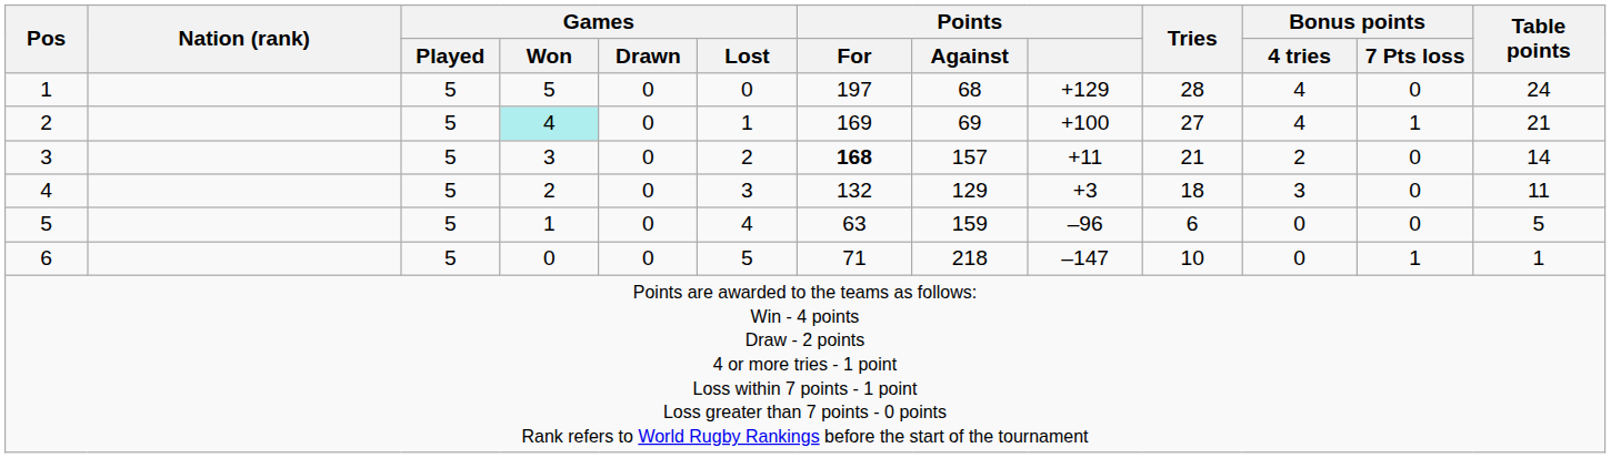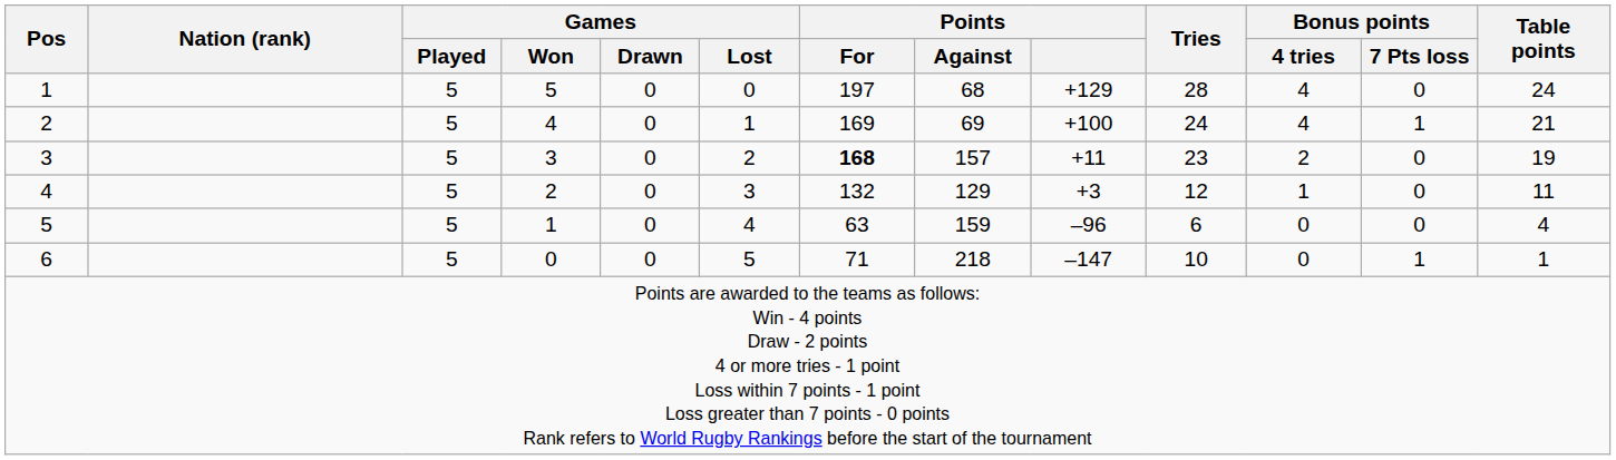 <table class="wikitable" style="text-align:center; width:95%">
 <tr>
 <th rowspan="2" style="width:5%">Pos</th>
 <th rowspan="2" style="width:19%">Nation (rank)</th>
 <th colspan="4" style="width:28%">Games</th>
 <th colspan="3" style="width:18%">Points</th>
 <th rowspan="2" style="width:6%">Tries</th>
 <th colspan="2" style="width:15%">Bonus points</th>
 <th rowspan="2" style="width:8%">Table<br>points</th>
 </tr>
 <tr>
 <th style="width:6%">Played</th>
 <th style="width:6%">Won</th>
 <th style="width:6%">Drawn</th>
 <th style="width:6%">Lost</th>
 <th style="width:7%">For</th>
 <th style="width:7%">Against</th>
 <th style="width:7%"></th>
 <th style="width:7%">4 tries</th>
 <th style="width:7%">7 Pts loss</th>
 </tr>
 <tr>
 <td>1</td>
 <td align="left"></td>
 <td>5</td>
 <td>5</td>
 <td>0</td>
 <td>0</td>
 <td>197</td>
 <td>68</td>
 <td>+129</td>
 <td>28</td>
 <td>4</td>
 <td>0</td>
 <td>24</td>
 </tr>
 <tr>
 <td>2</td>
 <td align="left"></td>
 <td>5</td>
-<td style="background: paleturquoise;">4</td>
+<td>4</td>
 <td>0</td>
 <td>1</td>
 <td>169</td>
 <td>69</td>
 <td>+100</td>
-<td>27</td>
+<td>24</td>
 <td>4</td>
 <td>1</td>
 <td>21</td>
 </tr>
 <tr>
 <td>3</td>
 <td align="left"></td>
 <td>5</td>
 <td>3</td>
 <td>0</td>
 <td>2</td>
 <td><strong>168</strong></td>
 <td>157</td>
 <td>+11</td>
-<td>21</td>
+<td>23</td>
 <td>2</td>
 <td>0</td>
-<td>14</td>
+<td>19</td>
 </tr>
 <tr>
 <td>4</td>
 <td align="left"></td>
 <td>5</td>
 <td>2</td>
 <td>0</td>
 <td>3</td>
 <td>132</td>
 <td>129</td>
 <td>+3</td>
-<td>18</td>
-<td>3</td>
+<td>12</td>
+<td>1</td>
 <td>0</td>
 <td>11</td>
 </tr>
 <tr>
 <td>5</td>
 <td align="left"></td>
 <td>5</td>
 <td>1</td>
 <td>0</td>
 <td>4</td>
 <td>63</td>
 <td>159</td>
 <td>–96</td>
 <td>6</td>
 <td>0</td>
 <td>0</td>
-<td>5</td>
+<td>4</td>
 </tr>
 <tr>
 <td>6</td>
 <td align="left"></td>
 <td>5</td>
 <td>0</td>
 <td>0</td>
 <td>5</td>
 <td>71</td>
 <td>218</td>
 <td>–147</td>
 <td>10</td>
 <td>0</td>
 <td>1</td>
 <td>1</td>
 </tr>
 <tr>
 <td colspan="100%" style="text-align:center;"><small>Points are awarded to the teams as follows:<br>Win - 4 points<br>Draw - 2 points<br>4 or more tries - 1 point<br>Loss within 7 points - 1 point<br>Loss greater than 7 points - 0 points <br> Rank refers to <a href='#'>World Rugby Rankings</a> before the start of the tournament</small></td>
 </tr>
 </table>
